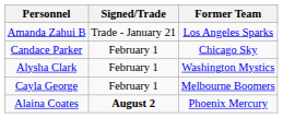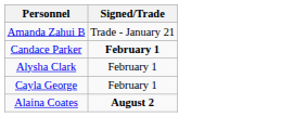 <table class="wikitable" style="text-align: center">
 <tr align="center" bgcolor="#dddddd">
 <th><strong>Personnel</strong></th>
 <th><strong>Signed/Trade</strong></th>
-<th><strong>Former Team</strong></th>
 </tr>
 <tr>
 <td><a href='#'>Amanda Zahui B</a></td>
 <td>Trade - January 21</td>
-<td><a href='#'>Los Angeles Sparks</a></td>
 </tr>
 <tr>
 <td><a href='#'>Candace Parker</a></td>
-<td>February 1</td>
-<td><a href='#'>Chicago Sky</a></td>
+<td><strong>February 1</strong></td>
 </tr>
 <tr>
 <td><a href='#'>Alysha Clark</a></td>
 <td>February 1</td>
-<td><a href='#'>Washington Mystics</a></td>
 </tr>
 <tr>
 <td><a href='#'>Cayla George</a></td>
 <td>February 1</td>
-<td><a href='#'>Melbourne Boomers</a></td>
 </tr>
 <tr>
 <td><a href='#'>Alaina Coates</a></td>
 <td><strong>August 2</strong></td>
-<td><a href='#'>Phoenix Mercury</a></td>
 </tr>
 </table>
